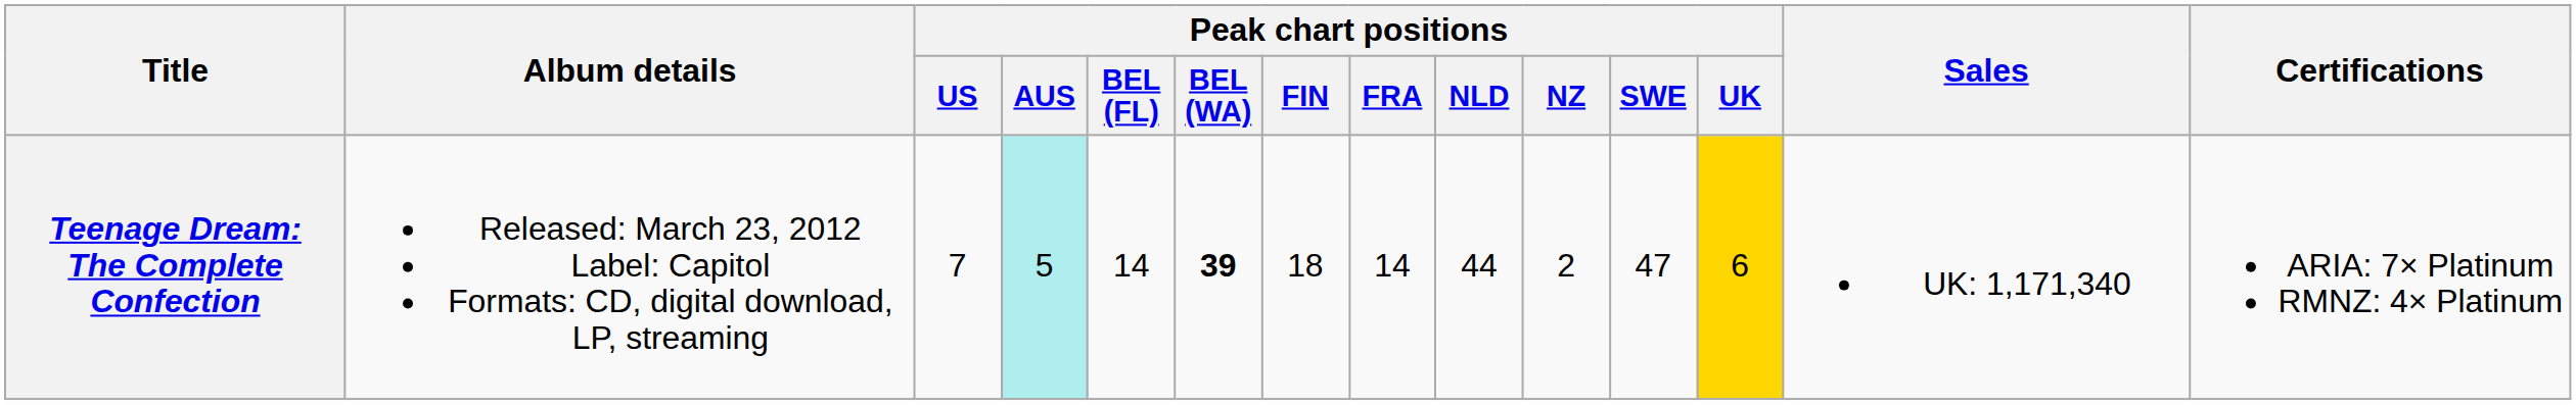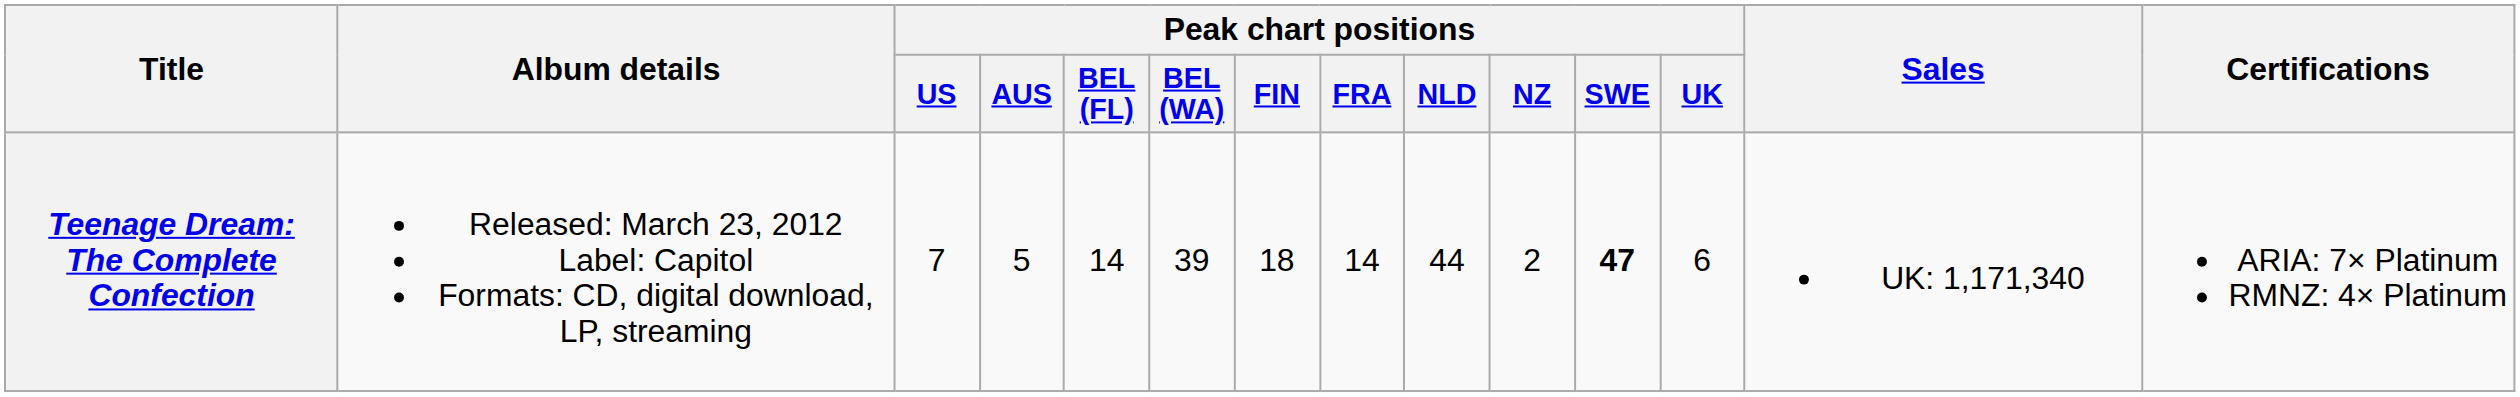 <table class="wikitable plainrowheaders" style="text-align:center;">
 <tr>
 <th scope="col" rowspan="2" style="width:10em;">Title</th>
 <th scope="col" rowspan="2" style="width:17em;">Album details</th>
 <th scope="col" colspan="10">Peak chart positions</th>
 <th scope="col" rowspan="2" style="width:12em;"><a href='#'>Sales</a></th>
 <th rowspan="2">Certifications</th>
 </tr>
 <tr>
 <th scope="col" style="width:2.5em;font-size:90%;"><a href='#'>US</a><br></th>
 <th scope="col" style="width:2.5em;font-size:90%;"><a href='#'>AUS</a><br></th>
 <th scope="col" style="width:2.5em;font-size:90%;"><a href='#'>BEL<br>(FL)</a><br></th>
 <th scope="col" style="width:2.5em;font-size:90%;"><a href='#'>BEL<br>(WA)</a><br></th>
 <th scope="col" style="width:2.5em;font-size:90%;"><a href='#'>FIN</a><br></th>
 <th scope="col" style="width:2.5em;font-size:90%;"><a href='#'>FRA</a><br></th>
 <th scope="col" style="width:2.5em;font-size:90%;"><a href='#'>NLD</a><br></th>
 <th scope="col" style="width:2.5em;font-size:90%;"><a href='#'>NZ</a><br></th>
 <th scope="col" style="width:2.5em;font-size:90%;"><a href='#'>SWE</a><br></th>
 <th scope="col" style="width:2.5em;font-size:90%;"><a href='#'>UK</a><br></th>
 </tr>
 <tr>
 <th scope="row"><em><a href='#'>Teenage Dream:<br>The Complete Confection</a></em></th>
 <td><br><ul><li>Released: March 23, 2012</li><li>Label: Capitol</li><li>Formats: CD, digital download, LP, streaming</li></ul></td>
 <td>7</td>
-<td style="background: paleturquoise;">5</td>
+<td>5</td>
 <td>14</td>
-<td><strong>39</strong></td>
+<td>39</td>
 <td>18</td>
 <td>14</td>
 <td>44</td>
 <td>2</td>
-<td>47</td>
-<td style="background: gold;">6</td>
+<td><strong>47</strong></td>
+<td>6</td>
 <td><br><ul><li>UK: 1,171,340</li></ul></td>
 <td><br><ul><li>ARIA: 7× Platinum</li><li>RMNZ: 4× Platinum</li></ul></td>
 </tr>
 </table>
